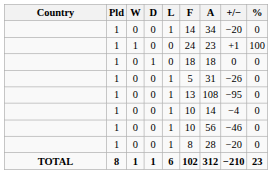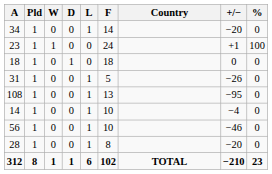 <table class="wikitable" style="text-align:center">
 <tr>
-<th width="150">Country</th>
+<th width="20">A</th>
 <th width="20">Pld</th>
 <th width="20">W</th>
 <th width="20">D</th>
 <th width="20">L</th>
 <th width="20">F</th>
-<th width="20">A</th>
+<th width="150">Country</th>
 <th width="25">+/−</th>
 <th width="20">%</th>
 </tr>
 <tr>
-<td align="left"></td>
+<td>34</td>
 <td>1</td>
 <td>0</td>
 <td>0</td>
 <td>1</td>
 <td>14</td>
-<td>34</td>
+<td align="left"></td>
 <td>−20</td>
 <td>0</td>
 </tr>
 <tr>
-<td align="left"></td>
+<td>23</td>
 <td>1</td>
 <td>1</td>
 <td>0</td>
 <td>0</td>
 <td>24</td>
-<td>23</td>
+<td align="left"></td>
 <td>+1</td>
 <td>100</td>
 </tr>
 <tr>
-<td align="left"></td>
+<td>18</td>
 <td>1</td>
 <td>0</td>
 <td>1</td>
 <td>0</td>
 <td>18</td>
-<td>18</td>
+<td align="left"></td>
 <td>0</td>
 <td>0</td>
 </tr>
 <tr>
-<td align="left"></td>
+<td>31</td>
 <td>1</td>
 <td>0</td>
 <td>0</td>
 <td>1</td>
 <td>5</td>
-<td>31</td>
+<td align="left"></td>
 <td>−26</td>
 <td>0</td>
 </tr>
 <tr>
-<td align="left"></td>
+<td>108</td>
 <td>1</td>
 <td>0</td>
 <td>0</td>
 <td>1</td>
 <td>13</td>
-<td>108</td>
+<td align="left"></td>
 <td>−95</td>
 <td>0</td>
 </tr>
 <tr>
-<td align="left"></td>
+<td>14</td>
 <td>1</td>
 <td>0</td>
 <td>0</td>
 <td>1</td>
 <td>10</td>
-<td>14</td>
+<td align="left"></td>
 <td>−4</td>
 <td>0</td>
 </tr>
 <tr>
-<td align="left"></td>
+<td>56</td>
 <td>1</td>
 <td>0</td>
 <td>0</td>
 <td>1</td>
 <td>10</td>
-<td>56</td>
+<td align="left"></td>
 <td>−46</td>
 <td>0</td>
 </tr>
 <tr>
-<td align="left"></td>
+<td>28</td>
 <td>1</td>
 <td>0</td>
 <td>0</td>
 <td>1</td>
 <td>8</td>
-<td>28</td>
+<td align="left"></td>
 <td>−20</td>
 <td>0</td>
 </tr>
 <tr>
-<td><strong>TOTAL</strong></td>
+<td><strong>312</strong></td>
 <td><strong>8</strong></td>
 <td><strong>1</strong></td>
 <td><strong>1</strong></td>
 <td><strong>6</strong></td>
 <td><strong>102</strong></td>
-<td><strong>312</strong></td>
+<td><strong>TOTAL</strong></td>
 <td><strong>−210</strong></td>
 <td><strong>23</strong></td>
 </tr>
 </table>
